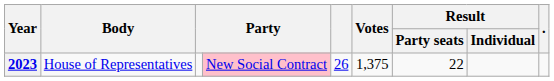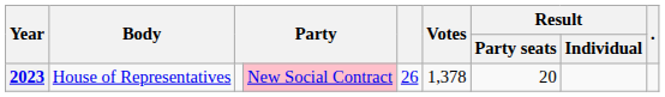 <table class="wikitable plainrowheaders sortable" border=2 cellpadding=4 cellspacing=0 style="border: 1px #aaa solid; font-size: 90%; text-align:center;">
 <tr>
 <th scope="col" rowspan=2>Year</th>
 <th scope="col" rowspan=2>Body</th>
 <th scope="col" colspan=2 rowspan=2>Party</th>
 <th scope="col" rowspan=2></th>
 <th scope="col" rowspan=2>Votes</th>
 <th scope="colgroup" colspan=2>Result</th>
 <th scope="col" rowspan=2 class="unsortable">.</th>
 </tr>
 <tr>
 <th scope="col">Party seats</th>
 <th scope="col">Individual</th>
 </tr>
 <tr>
 <th scope="row"><a href='#'>2023</a></th>
 <td><a href='#'>House of Representatives</a></td>
 <td style="background-color:"></td>
 <td style="background: pink;"><a href='#'>New Social Contract</a></td>
 <td style=text-align:right><a href='#'>26</a></td>
-<td style=text-align:right>1,375</td>
-<td style=text-align:right>22</td>
+<td style=text-align:right>1,378</td>
+<td style=text-align:right>20</td>
 <td></td>
 <td></td>
 </tr>
 </table>
